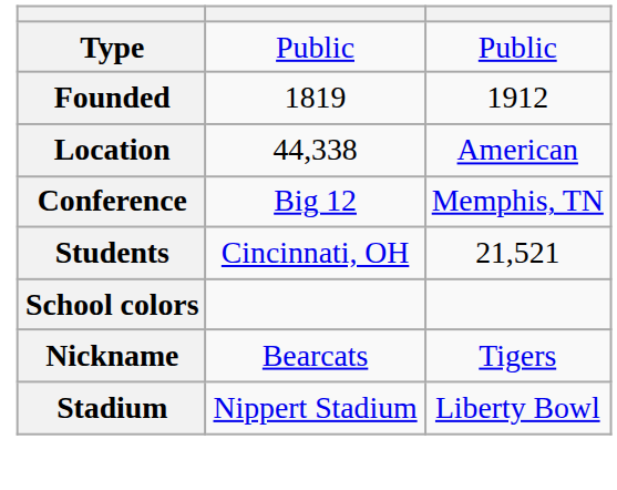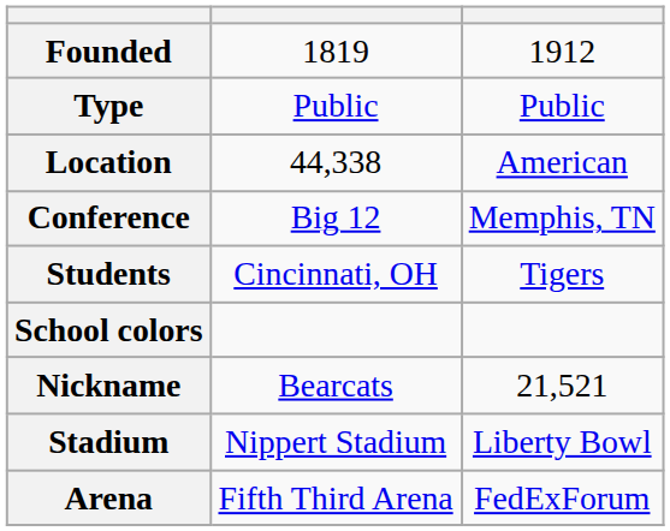 <table class="wikitable" style="float:right; clear:right; margin-left:1em; font-size:88%;">
 <tr>
 <th></th>
 <th><a href='#'></a></th>
 <th><a href='#'></a></th>
 </tr>
 <tr>
+<th scope=row>Founded</th>
+<td align=center>1819</td>
+<td align=center>1912</td>
+</tr>
+<tr>
 <th scope=row>Type</th>
 <td align=center><a href='#'>Public</a></td>
 <td align=center><a href='#'>Public</a></td>
-</tr>
-<tr>
-<th scope=row>Founded</th>
-<td align=center>1819</td>
-<td align=center>1912</td>
 </tr>
 <tr>
 <th scope=row>Location</th>
 <td align=center>44,338</td>
 <td align=center><a href='#'>American</a></td>
 </tr>
 <tr>
 <th scope=row>Conference</th>
 <td align=center><a href='#'>Big 12</a></td>
 <td align=center><a href='#'>Memphis, TN</a></td>
 </tr>
 <tr>
 <th scope=row>Students</th>
 <td align=center><a href='#'>Cincinnati, OH</a></td>
-<td align=center>21,521</td>
+<td align=center><a href='#'>Tigers</a></td>
 </tr>
 <tr>
 <th scope=row>School colors</th>
 <td align=center> </td>
 <td align=center> </td>
 </tr>
 <tr>
 <th scope=row>Nickname</th>
 <td align=center><a href='#'>Bearcats</a></td>
-<td align=center><a href='#'>Tigers</a></td>
+<td align=center>21,521</td>
 </tr>
 <tr>
 <th scope=row>Stadium</th>
 <td align=center><a href='#'>Nippert Stadium</a></td>
 <td align=center><a href='#'>Liberty Bowl</a></td>
 </tr>
+<tr>
+<th scope=row>Arena</th>
+<td align=center><a href='#'>Fifth Third Arena</a></td>
+<td align=center><a href='#'>FedExForum</a></td>
+</tr>
 </table>
